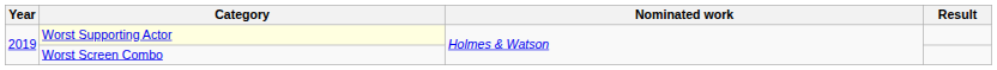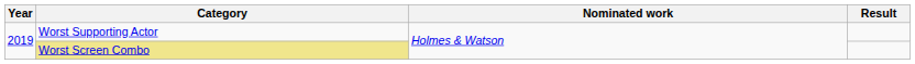 <table class="wikitable sortable">
 <tr>
 <th scope="col" style="width:1em;">Year</th>
 <th scope="col" style="width:33em;">Category</th>
 <th scope="col" style="width:39em;">Nominated work</th>
 <th scope="col" style="width:5em;">Result</th>
 </tr>
 <tr>
 <td rowspan="2"><a href='#'>2019</a></td>
-<td style="background: lightyellow;"><a href='#'>Worst Supporting Actor</a></td>
+<td><a href='#'>Worst Supporting Actor</a></td>
 <td rowspan="2"><em><a href='#'>Holmes & Watson</a></em></td>
 <td></td>
 </tr>
 <tr>
-<td><a href='#'>Worst Screen Combo</a></td>
+<td style="background: khaki;"><a href='#'>Worst Screen Combo</a></td>
 <td></td>
 </tr>
 </table>
